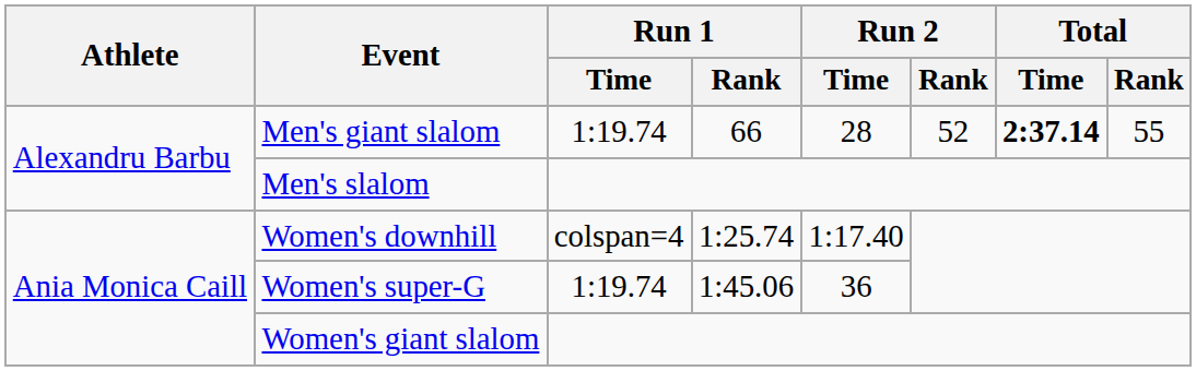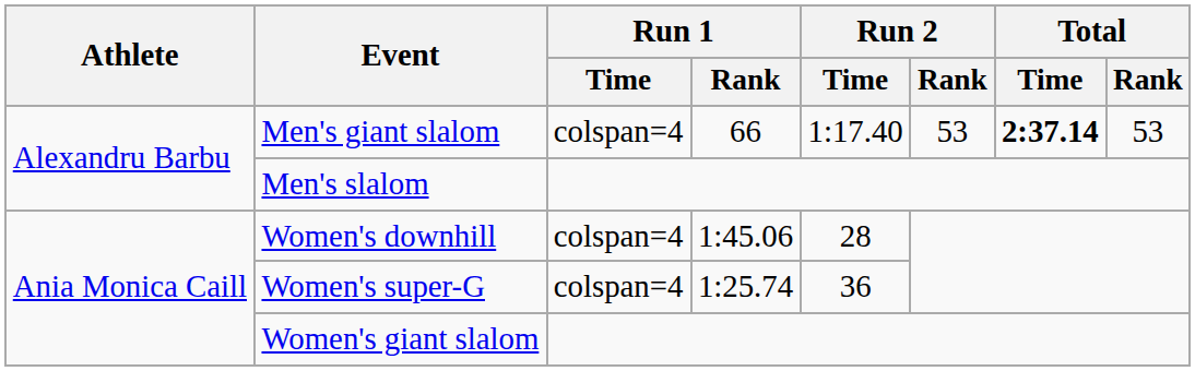 <table class="wikitable" style="font-size:90%">
 <tr>
 <th rowspan=2>Athlete</th>
 <th rowspan=2>Event</th>
 <th colspan=2>Run 1</th>
 <th colspan=2>Run 2</th>
 <th colspan=2>Total</th>
 </tr>
 <tr style="font-size:95%">
 <th>Time</th>
 <th>Rank</th>
 <th>Time</th>
 <th>Rank</th>
 <th>Time</th>
 <th>Rank</th>
 </tr>
 <tr align=center>
 <td align=left rowspan=2><a href='#'>Alexandru Barbu</a></td>
 <td align=left><a href='#'>Men's giant slalom</a></td>
-<td>1:19.74</td>
+<td>colspan=4 </td>
 <td>66</td>
-<td>28</td>
-<td>52</td>
+<td>1:17.40</td>
+<td>53</td>
 <td><strong>2:37.14</strong></td>
-<td>55</td>
+<td>53</td>
 </tr>
 <tr align=center>
 <td align=left><a href='#'>Men's slalom</a></td>
 <td colspan=6></td>
 </tr>
 <tr align=center>
 <td align=left rowspan=3><a href='#'>Ania Monica Caill</a></td>
 <td align=left><a href='#'>Women's downhill</a></td>
 <td>colspan=4 </td>
-<td>1:25.74</td>
-<td>1:17.40</td>
+<td>1:45.06</td>
+<td>28</td>
 </tr>
 <tr align=center>
 <td align=left><a href='#'>Women's super-G</a></td>
-<td>1:19.74</td>
-<td>1:45.06</td>
+<td>colspan=4 </td>
+<td>1:25.74</td>
 <td>36</td>
 </tr>
 <tr align=center>
 <td align=left><a href='#'>Women's giant slalom</a></td>
 <td colspan=6></td>
 </tr>
 </table>
